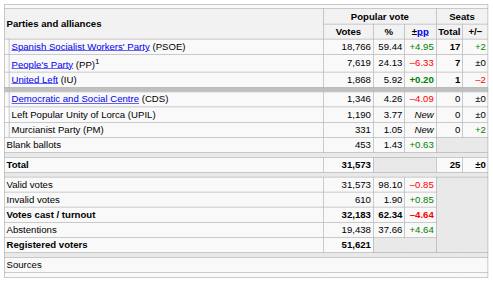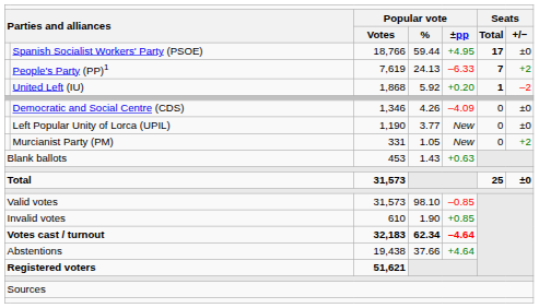 <table class="wikitable" style="text-align:right;">
 <tr>
 <td colspan="7"></td>
 </tr>
 <tr>
 <th style="text-align:left;" rowspan="2" colspan="2" width="525">Parties and alliances</th>
 <th colspan="3">Popular vote</th>
 <th colspan="2">Seats</th>
 </tr>
 <tr>
 <th width="75">Votes</th>
 <th width="45">%</th>
 <th width="45">±<a href='#'>pp</a></th>
 <th width="35">Total</th>
 <th width="35">+/−</th>
 </tr>
 <tr>
 <td width="1" style="color:inherit;background:"></td>
 <td align="left"><a href='#'>Spanish Socialist Workers' Party</a> (PSOE)</td>
 <td>18,766</td>
 <td>59.44</td>
 <td style="color:green;">+4.95</td>
 <td><strong>17</strong></td>
-<td style="color:green;">+2</td>
+<td>±0</td>
 </tr>
 <tr>
 <td style="color:inherit;background:"></td>
 <td align="left"><a href='#'>People's Party</a> (PP)<sup>1</sup></td>
 <td>7,619</td>
 <td>24.13</td>
 <td style="color:red;">–6.33</td>
 <td><strong>7</strong></td>
-<td>±0</td>
+<td style="color:green;">+2</td>
 </tr>
 <tr>
 <td style="color:inherit;background:"></td>
 <td align="left"><a href='#'>United Left</a> (IU)</td>
 <td>1,868</td>
 <td>5.92</td>
-<td style="color:green;"><strong>+0.20</strong></td>
+<td style="color:green;">+0.20</td>
 <td><strong>1</strong></td>
 <td style="color:red;">–2</td>
 </tr>
 <tr>
 <td colspan="7" bgcolor="#C0C0C0"></td>
 </tr>
 <tr>
 <td style="color:inherit;background:"></td>
 <td align="left"><a href='#'>Democratic and Social Centre</a> (CDS)</td>
 <td>1,346</td>
 <td>4.26</td>
 <td style="color:red;">–4.09</td>
 <td>0</td>
 <td>±0</td>
 </tr>
 <tr>
 <td bgcolor="white"></td>
 <td align="left">Left Popular Unity of Lorca (UPIL)</td>
 <td>1,190</td>
 <td>3.77</td>
 <td><em>New</em></td>
 <td>0</td>
 <td>±0</td>
 </tr>
 <tr>
 <td style="color:inherit;background:"></td>
 <td align="left">Murcianist Party (PM)</td>
 <td>331</td>
 <td>1.05</td>
 <td><em>New</em></td>
 <td>0</td>
 <td style="color:green;">+2</td>
 </tr>
 <tr>
 <td align="left" colspan="2">Blank ballots</td>
 <td>453</td>
 <td>1.43</td>
 <td style="color:green;">+0.63</td>
 <td bgcolor="#E9E9E9" colspan="2"></td>
 </tr>
 <tr>
 <td colspan="7" bgcolor="#E9E9E9"></td>
 </tr>
 <tr style="font-weight:bold;">
 <td align="left" colspan="2">Total</td>
 <td>31,573</td>
 <td bgcolor="#E9E9E9" colspan="2"></td>
 <td>25</td>
 <td>±0</td>
 </tr>
 <tr>
 <td colspan="7" bgcolor="#E9E9E9"></td>
 </tr>
 <tr>
 <td align="left" colspan="2">Valid votes</td>
 <td>31,573</td>
 <td>98.10</td>
 <td style="color:red;">–0.85</td>
 <td bgcolor="#E9E9E9" colspan="2" rowspan="5"></td>
 </tr>
 <tr>
 <td align="left" colspan="2">Invalid votes</td>
 <td>610</td>
 <td>1.90</td>
 <td style="color:green;">+0.85</td>
 </tr>
 <tr style="font-weight:bold;">
 <td align="left" colspan="2">Votes cast / turnout</td>
 <td>32,183</td>
 <td>62.34</td>
 <td style="color:red;">–4.64</td>
 </tr>
 <tr>
 <td align="left" colspan="2">Abstentions</td>
 <td>19,438</td>
 <td>37.66</td>
 <td style="color:green;">+4.64</td>
 </tr>
 <tr style="font-weight:bold;">
 <td align="left" colspan="2">Registered voters</td>
 <td>51,621</td>
 <td bgcolor="#E9E9E9" colspan="2"></td>
 </tr>
 <tr>
 <td colspan="7" bgcolor="#E9E9E9"></td>
 </tr>
 <tr>
 <td align="left" colspan="7">Sources</td>
 </tr>
 <tr>
 <td colspan="7" style="text-align:left; max-width:790px;"></td>
 </tr>
 </table>
